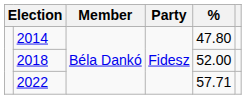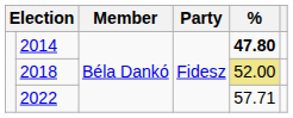 <table class=wikitable>
 <tr>
 <th colspan=2>Election</th>
 <th>Member</th>
 <th>Party</th>
 <th>%</th>
 <th></th>
 </tr>
 <tr>
 <td rowspan=3 bgcolor=></td>
 <td><a href='#'>2014</a></td>
 <td rowspan=3><a href='#'>Béla Dankó</a></td>
 <td rowspan=3><a href='#'>Fidesz</a></td>
-<td align=right>47.80</td>
+<td align=right><strong>47.80</strong></td>
 <td align=center></td>
 </tr>
 <tr>
 <td><a href='#'>2018</a></td>
-<td align=right>52.00</td>
+<td align=right style="background: khaki;">52.00</td>
 <td align=center></td>
 </tr>
 <tr>
 <td><a href='#'>2022</a></td>
 <td align=right>57.71</td>
 <td align=center></td>
 </tr>
 </table>
